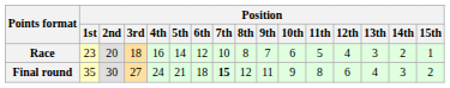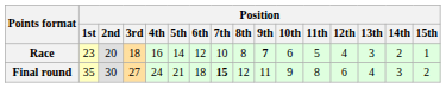 <table class="wikitable" style="font-size:85%; text-align:center">
 <tr style="background:#f9f9f9">
 <th rowspan="2">Points format</th>
 <th colspan="21">Position</th>
 </tr>
 <tr>
 <th>1st</th>
 <th>2nd</th>
 <th>3rd</th>
 <th>4th</th>
 <th>5th</th>
 <th>6th</th>
 <th>7th</th>
 <th>8th</th>
 <th>9th</th>
 <th>10th</th>
 <th>11th</th>
 <th>12th</th>
 <th>13th</th>
 <th>14th</th>
 <th>15th</th>
 </tr>
 <tr>
 <th>Race</th>
 <td style="background:#ffffbf;">23</td>
 <td style="background:#dfdfdf;">20</td>
 <td style="background:#ffdf9f;">18</td>
 <td style="background:#dfffdf;">16</td>
 <td style="background:#dfffdf;">14</td>
 <td style="background:#dfffdf;">12</td>
 <td style="background:#dfffdf;">10</td>
 <td style="background:#dfffdf;">8</td>
-<td style="background:#dfffdf;">7</td>
+<td style="background:#dfffdf;"><strong>7</strong></td>
 <td style="background:#dfffdf;">6</td>
 <td style="background:#dfffdf;">5</td>
 <td style="background:#dfffdf;">4</td>
 <td style="background:#dfffdf;">3</td>
 <td style="background:#dfffdf;">2</td>
 <td style="background:#dfffdf;">1</td>
 </tr>
 <tr>
 <th>Final round</th>
 <td style="background:#ffffbf;">35</td>
 <td style="background:#dfdfdf;">30</td>
 <td style="background:#ffdf9f;">27</td>
 <td style="background:#dfffdf;">24</td>
 <td style="background:#dfffdf;">21</td>
 <td style="background:#dfffdf;">18</td>
 <td style="background:#dfffdf;"><strong>15</strong></td>
 <td style="background:#dfffdf;">12</td>
 <td style="background:#dfffdf;">11</td>
 <td style="background:#dfffdf;">9</td>
 <td style="background:#dfffdf;">8</td>
 <td style="background:#dfffdf;">6</td>
 <td style="background:#dfffdf;">4</td>
 <td style="background:#dfffdf;">3</td>
 <td style="background:#dfffdf;">2</td>
 </tr>
 </table>
